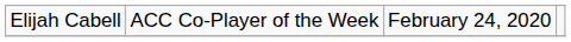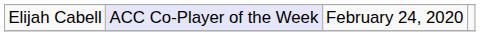 <table class="wikitable sortable sortable" style="text-align: center">
 <tr align=center>
 </tr>
 <tr>
 <td>Elijah Cabell</td>
-<td>ACC Co-Player of the Week</td>
+<td style="background: lavender;">ACC Co-Player of the Week</td>
 <td>February 24, 2020</td>
 <td></td>
 </tr>
 <tr>
 </tr>
 </table>
